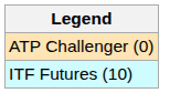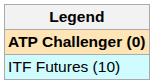 <table class=wikitable style=font-size:97%>
 <tr>
 <th>Legend</th>
 </tr>
 <tr bgcolor=moccasin>
-<td>ATP Challenger (0)</td>
+<td><strong>ATP Challenger (0)</strong></td>
 </tr>
 <tr bgcolor=cffcff>
 <td>ITF Futures (10)</td>
 </tr>
 </table>
